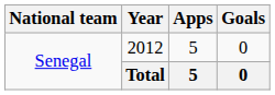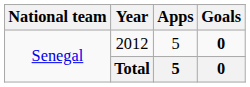 <table class="wikitable" style="text-align:center">
 <tr>
 <th>National team</th>
 <th>Year</th>
 <th>Apps</th>
 <th>Goals</th>
 </tr>
 <tr>
 <td rowspan="3"><a href='#'>Senegal</a></td>
 <td>2012</td>
 <td>5</td>
-<td>0</td>
+<td><strong>0</strong></td>
 </tr>
 <tr>
 <th>Total</th>
 <th>5</th>
 <th>0</th>
 </tr>
 </table>
